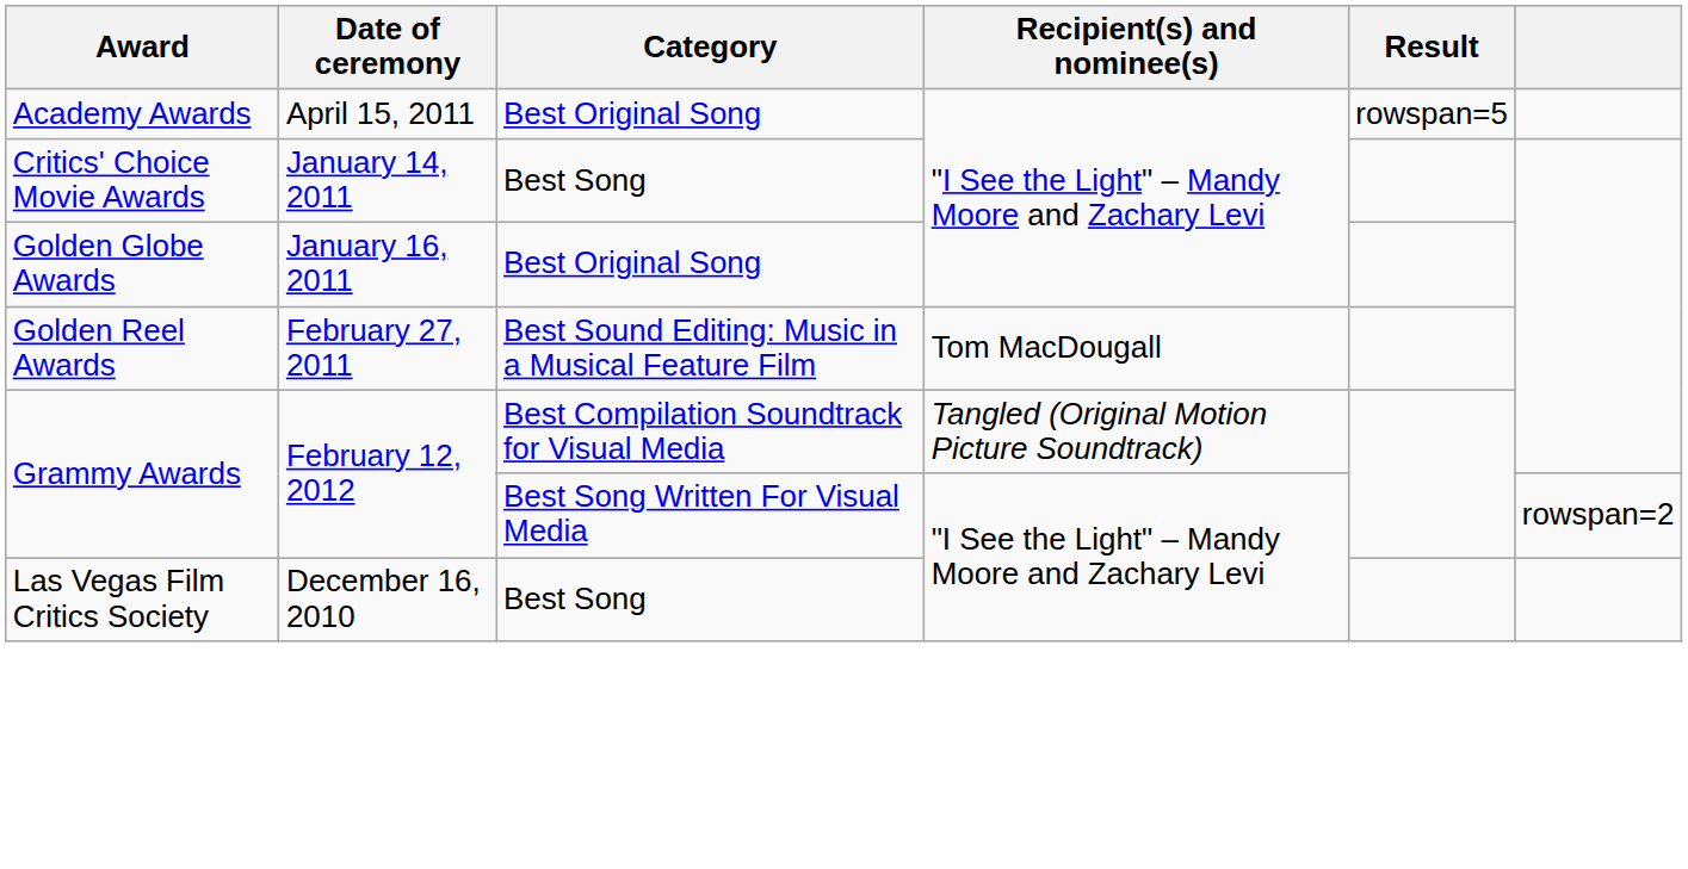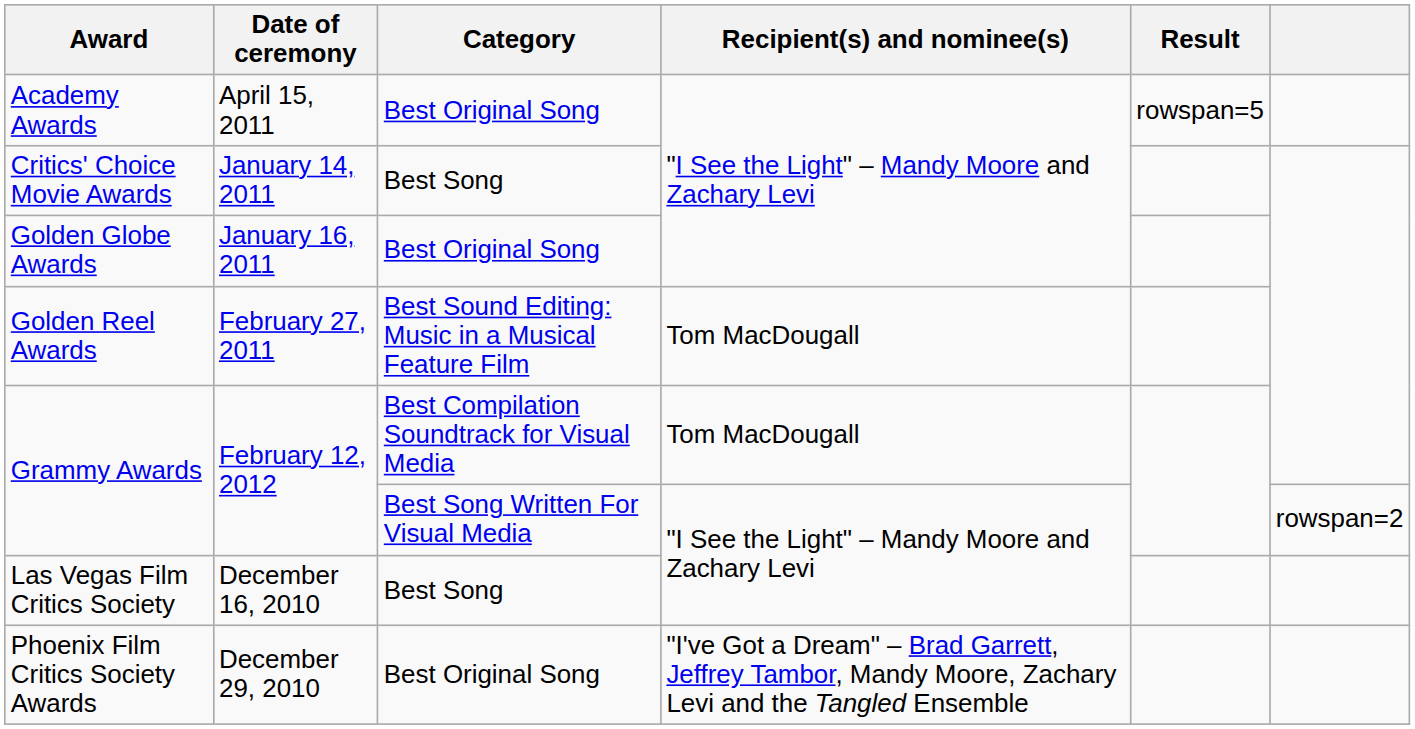 <table class="wikitable sortable">
 <tr>
 <th>Award</th>
 <th>Date of ceremony</th>
 <th>Category</th>
 <th>Recipient(s) and nominee(s)</th>
 <th>Result</th>
 <th scope="col" class="unsortable"></th>
 </tr>
 <tr>
 <td><a href='#'>Academy Awards</a></td>
 <td>April 15, 2011</td>
 <td><a href='#'>Best Original Song</a></td>
 <td rowspan="3">"<a href='#'>I See the Light</a>" – <a href='#'>Mandy Moore</a> and <a href='#'>Zachary Levi</a></td>
 <td>rowspan=5 </td>
 <td></td>
 </tr>
 <tr>
 <td><a href='#'>Critics' Choice Movie Awards</a></td>
 <td><a href='#'>January 14, 2011</a></td>
 <td>Best Song</td>
 <td></td>
 </tr>
 <tr>
 <td><a href='#'>Golden Globe Awards</a></td>
 <td><a href='#'>January 16, 2011</a></td>
 <td><a href='#'>Best Original Song</a></td>
 <td></td>
 </tr>
 <tr>
 <td><a href='#'>Golden Reel Awards</a></td>
 <td><a href='#'>February 27, 2011</a></td>
 <td><a href='#'>Best Sound Editing: Music in a Musical Feature Film</a></td>
 <td>Tom MacDougall</td>
 <td></td>
 </tr>
 <tr>
 <td rowspan="2"><a href='#'>Grammy Awards</a></td>
 <td rowspan="2"><a href='#'>February 12, 2012</a></td>
 <td><a href='#'>Best Compilation Soundtrack for Visual Media</a></td>
-<td><em>Tangled (Original Motion Picture Soundtrack)</em></td>
+<td>Tom MacDougall</td>
 <td rowspan="2"></td>
 </tr>
 <tr>
 <td><a href='#'>Best Song Written For Visual Media</a></td>
 <td rowspan="2">"I See the Light" – Mandy Moore and Zachary Levi</td>
 <td>rowspan=2 </td>
 </tr>
 <tr>
 <td>Las Vegas Film Critics Society</td>
 <td>December 16, 2010</td>
 <td>Best Song</td>
 <td></td>
 </tr>
+<tr>
+<td>Phoenix Film Critics Society Awards</td>
+<td>December 29, 2010</td>
+<td>Best Original Song</td>
+<td>"I've Got a Dream" – <a href='#'>Brad Garrett</a>, <a href='#'>Jeffrey Tambor</a>, Mandy Moore, Zachary Levi and the <em>Tangled</em> Ensemble</td>
+<td></td>
+<td></td>
+</tr>
 </table>
